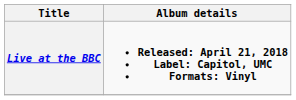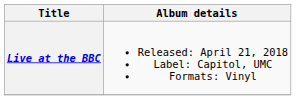 <table class="wikitable plainrowheaders" style="text-align:center;">
 <tr>
 <th scope="col">Title</th>
 <th scope="col">Album details</th>
 </tr>
 <tr>
 <th scope="row"><em><a href='#'>Live at the BBC</a></em></th>
-<td><strong><br><ul><li>Released: April 21, 2018</li><li>Label: Capitol, UMC </li><li>Formats: Vinyl</li></ul></strong></td>
+<td><br><ul><li>Released: April 21, 2018</li><li>Label: Capitol, UMC </li><li>Formats: Vinyl</li></ul></td>
 </tr>
 <tr>
 </tr>
 </table>
